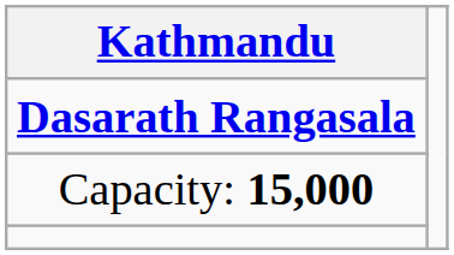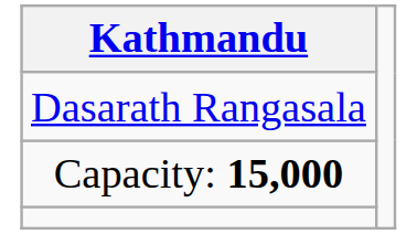 <table class="wikitable" style="text-align:center;margin:1em auto;">
 <tr>
 <th><a href='#'>Kathmandu</a></th>
 <td rowspan="4"></td>
 </tr>
 <tr>
-<td><strong><a href='#'>Dasarath Rangasala</a></strong></td>
+<td><a href='#'>Dasarath Rangasala</a></td>
 </tr>
 <tr>
 <td>Capacity: <strong>15,000</strong></td>
 </tr>
 <tr>
 <td></td>
 </tr>
 </table>
